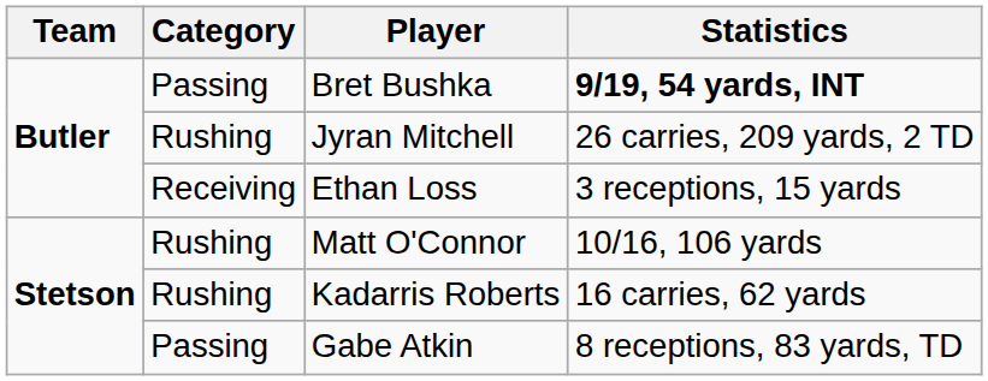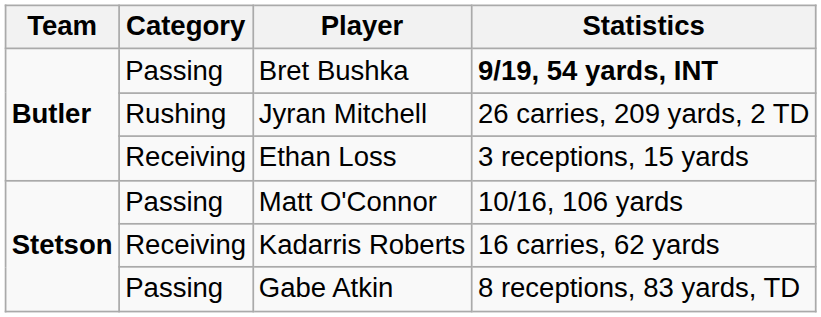 <table class="wikitable" style="float: right;">
 <tr>
 <th>Team</th>
 <th>Category</th>
 <th>Player</th>
 <th>Statistics</th>
 </tr>
 <tr>
 <td rowspan=3><strong>Butler</strong></td>
 <td>Passing</td>
 <td>Bret Bushka</td>
 <td><strong>9/19, 54 yards, INT</strong></td>
 </tr>
 <tr>
 <td>Rushing</td>
 <td>Jyran Mitchell</td>
 <td>26 carries, 209 yards, 2 TD</td>
 </tr>
 <tr>
 <td>Receiving</td>
 <td>Ethan Loss</td>
 <td>3 receptions, 15 yards</td>
 </tr>
 <tr>
 <td rowspan=3><strong>Stetson</strong></td>
-<td>Rushing</td>
+<td>Passing</td>
 <td>Matt O'Connor</td>
 <td>10/16, 106 yards</td>
 </tr>
 <tr>
-<td>Rushing</td>
+<td>Receiving</td>
 <td>Kadarris Roberts</td>
 <td>16 carries, 62 yards</td>
 </tr>
 <tr>
 <td>Passing</td>
 <td>Gabe Atkin</td>
 <td>8 receptions, 83 yards, TD</td>
 </tr>
 </table>
